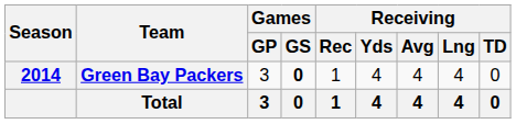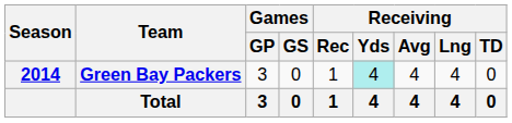 <table class=wikitable style="text-align:center;">
 <tr>
 <th rowspan=2>Season</th>
 <th rowspan=2>Team</th>
 <th colspan=2>Games</th>
 <th colspan=5>Receiving</th>
 </tr>
 <tr>
 <th>GP</th>
 <th>GS</th>
 <th>Rec</th>
 <th>Yds</th>
 <th>Avg</th>
 <th>Lng</th>
 <th>TD</th>
 </tr>
 <tr>
 <th><a href='#'>2014</a></th>
 <th><a href='#'>Green Bay Packers</a></th>
 <td>3</td>
-<td><strong>0</strong></td>
+<td>0</td>
 <td>1</td>
-<td>4</td>
+<td style="background: paleturquoise;">4</td>
 <td>4</td>
 <td>4</td>
 <td>0</td>
 </tr>
 <tr>
 <th></th>
 <th>Total</th>
 <th>3</th>
 <th>0</th>
 <th>1</th>
 <th>4</th>
 <th>4</th>
 <th>4</th>
 <th>0</th>
 </tr>
 </table>
